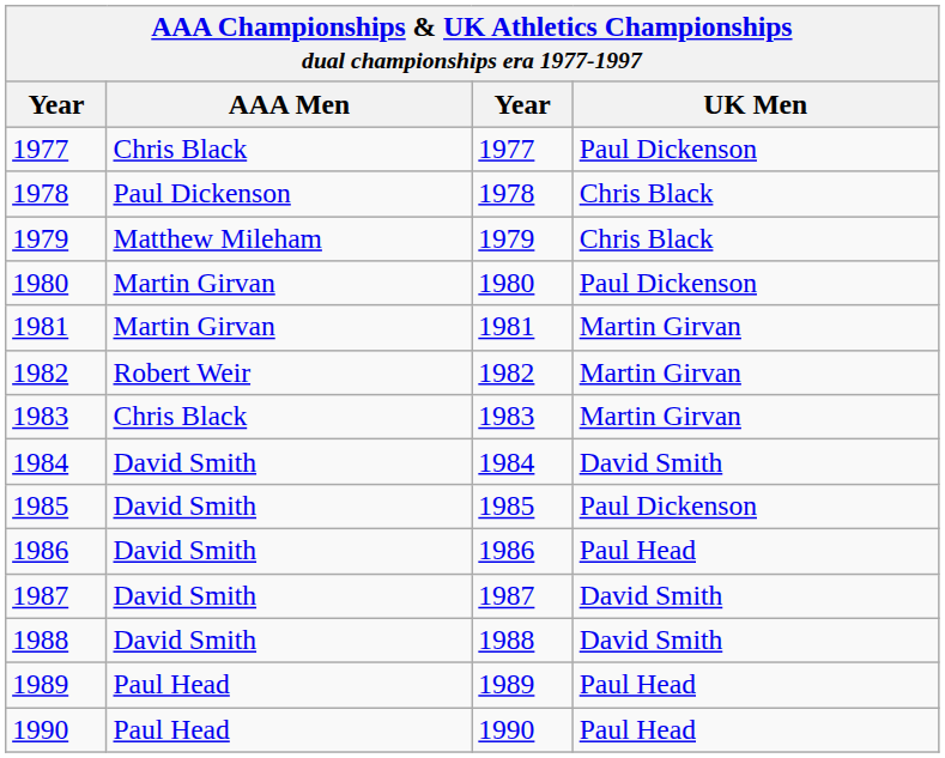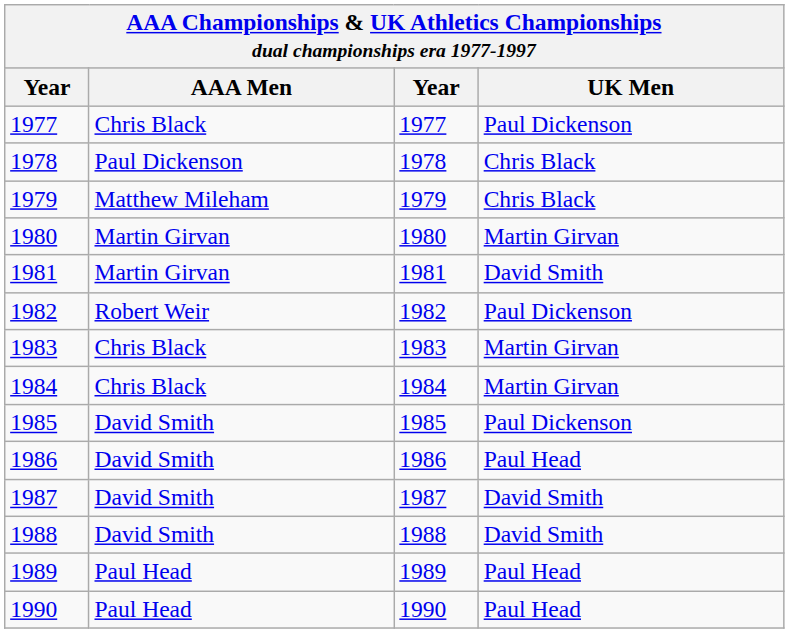 <table class="wikitable">
 <tr>
 <th colspan="4"><a href='#'>AAA Championships</a> & <a href='#'>UK Athletics Championships</a><br><em><small>dual championships era 1977-1997</small></em></th>
 </tr>
 <tr>
 <th width=50>Year</th>
 <th width=200>AAA Men</th>
 <th width=50>Year</th>
 <th width=200>UK Men</th>
 </tr>
 <tr>
 <td><a href='#'>1977</a></td>
 <td><a href='#'>Chris Black</a></td>
 <td><a href='#'>1977</a></td>
 <td><a href='#'>Paul Dickenson</a></td>
 </tr>
 <tr>
 <td><a href='#'>1978</a></td>
 <td><a href='#'>Paul Dickenson</a></td>
 <td><a href='#'>1978</a></td>
 <td><a href='#'>Chris Black</a></td>
 </tr>
 <tr>
 <td><a href='#'>1979</a></td>
 <td><a href='#'>Matthew Mileham</a></td>
 <td><a href='#'>1979</a></td>
 <td><a href='#'>Chris Black</a></td>
 </tr>
 <tr>
 <td><a href='#'>1980</a></td>
 <td><a href='#'>Martin Girvan</a></td>
 <td><a href='#'>1980</a></td>
-<td><a href='#'>Paul Dickenson</a></td>
+<td><a href='#'>Martin Girvan</a></td>
 </tr>
 <tr>
 <td><a href='#'>1981</a></td>
 <td><a href='#'>Martin Girvan</a></td>
 <td><a href='#'>1981</a></td>
-<td><a href='#'>Martin Girvan</a></td>
+<td><a href='#'>David Smith</a></td>
 </tr>
 <tr>
 <td><a href='#'>1982</a></td>
 <td><a href='#'>Robert Weir</a></td>
 <td><a href='#'>1982</a></td>
-<td><a href='#'>Martin Girvan</a></td>
+<td><a href='#'>Paul Dickenson</a></td>
 </tr>
 <tr>
 <td><a href='#'>1983</a></td>
 <td><a href='#'>Chris Black</a></td>
 <td><a href='#'>1983</a></td>
 <td><a href='#'>Martin Girvan</a></td>
 </tr>
 <tr>
 <td><a href='#'>1984</a></td>
-<td><a href='#'>David Smith</a></td>
+<td><a href='#'>Chris Black</a></td>
 <td><a href='#'>1984</a></td>
-<td><a href='#'>David Smith</a></td>
+<td><a href='#'>Martin Girvan</a></td>
 </tr>
 <tr>
 <td><a href='#'>1985</a></td>
 <td><a href='#'>David Smith</a></td>
 <td><a href='#'>1985</a></td>
 <td><a href='#'>Paul Dickenson</a></td>
 </tr>
 <tr>
 <td><a href='#'>1986</a></td>
 <td><a href='#'>David Smith</a></td>
 <td><a href='#'>1986</a></td>
 <td><a href='#'>Paul Head</a></td>
 </tr>
 <tr>
 <td><a href='#'>1987</a></td>
 <td><a href='#'>David Smith</a></td>
 <td><a href='#'>1987</a></td>
 <td><a href='#'>David Smith</a></td>
 </tr>
 <tr>
 <td><a href='#'>1988</a></td>
 <td><a href='#'>David Smith</a></td>
 <td><a href='#'>1988</a></td>
 <td><a href='#'>David Smith</a></td>
 </tr>
 <tr>
 <td><a href='#'>1989</a></td>
 <td><a href='#'>Paul Head</a></td>
 <td><a href='#'>1989</a></td>
 <td><a href='#'>Paul Head</a></td>
 </tr>
 <tr>
 <td><a href='#'>1990</a></td>
 <td><a href='#'>Paul Head</a></td>
 <td><a href='#'>1990</a></td>
 <td><a href='#'>Paul Head</a></td>
 </tr>
 </table>
